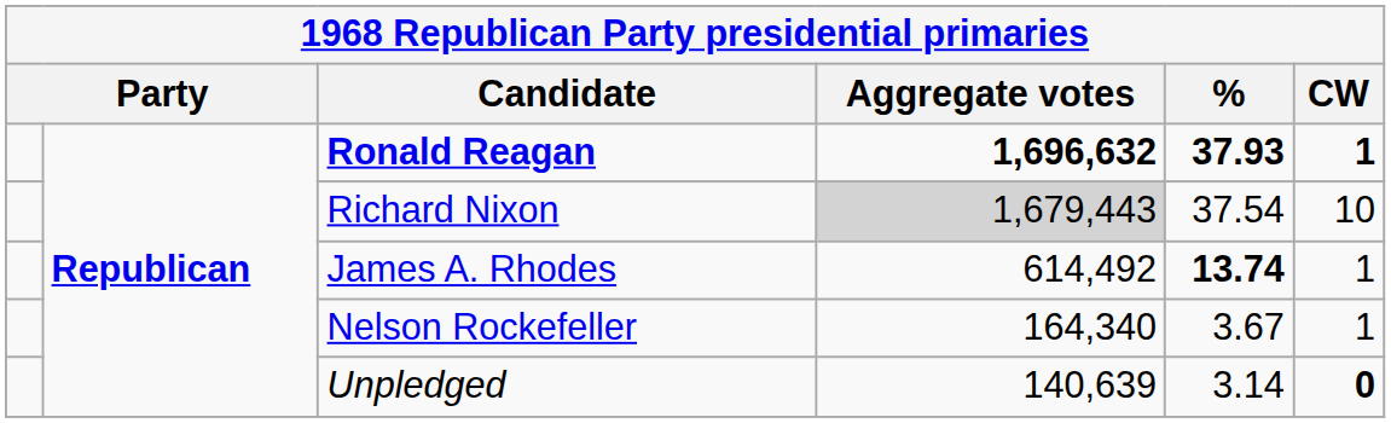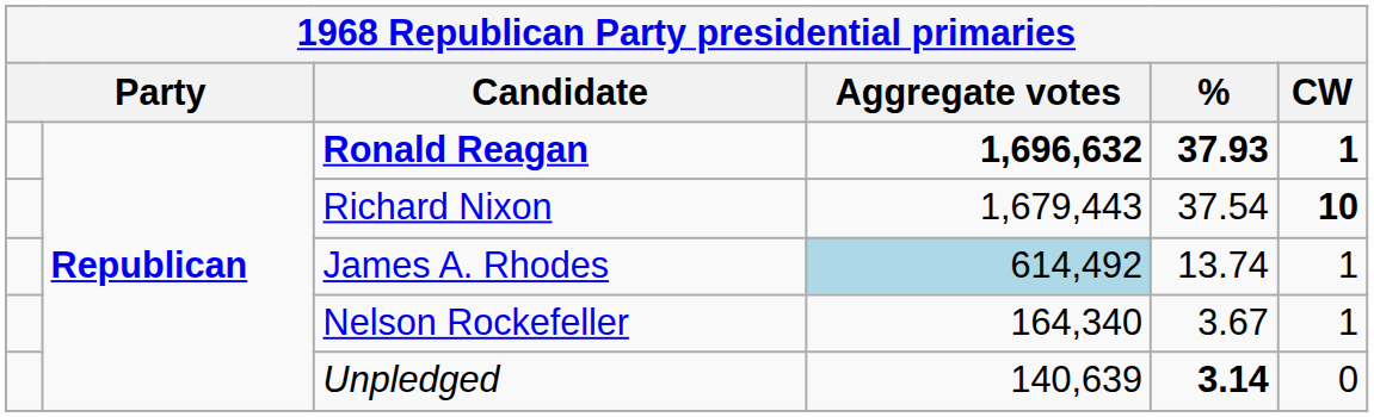 <table class="wikitable">
 <tr>
 <th colspan=6 style="background:#f5f5f5"><a href='#'>1968 Republican Party presidential primaries</a></th>
 </tr>
 <tr>
 <th style="width: 8em;" colspan=2>Party</th>
 <th>Candidate</th>
 <th>Aggregate votes</th>
 <th>%</th>
 <th><abbr>CW</abbr></th>
 </tr>
 <tr>
 <td style="background-color: "></td>
 <td style="width: 7em;" rowspan=5><strong><a href='#'>Republican</a></strong></td>
 <td style="width: 13em;"><strong><a href='#'>Ronald Reagan</a></strong></td>
 <td style="width: 9em; text-align:right"><strong>1,696,632</strong></td>
 <td style="width: 3em; text-align:right"><strong>37.93</strong></td>
 <td style="width: 2em; text-align:right"><strong>1</strong></td>
 </tr>
 <tr>
 <td style="background-color: "></td>
 <td><a href='#'>Richard Nixon</a></td>
-<td style="background: lightgrey; text-align:right">1,679,443</td>
+<td style="text-align:right">1,679,443</td>
 <td style="text-align:right">37.54</td>
-<td style="text-align:right">10</td>
+<td style="text-align:right"><strong>10</strong></td>
 </tr>
 <tr>
 <td style="background-color: "></td>
 <td><a href='#'>James A. Rhodes</a></td>
-<td style="text-align:right">614,492</td>
-<td style="text-align:right"><strong>13.74</strong></td>
+<td style="background: lightblue; text-align:right">614,492</td>
+<td style="text-align:right">13.74</td>
 <td style="text-align:right">1</td>
 </tr>
 <tr>
 <td style="background-color: "></td>
 <td><a href='#'>Nelson Rockefeller</a></td>
 <td style="text-align:right">164,340</td>
 <td style="text-align:right">3.67</td>
 <td style="text-align:right">1</td>
 </tr>
 <tr>
 <td style="background-color: "></td>
 <td><em>Unpledged</em></td>
 <td style="text-align:right">140,639</td>
-<td style="text-align:right">3.14</td>
-<td style="text-align:right"><strong>0</strong></td>
+<td style="text-align:right"><strong>3.14</strong></td>
+<td style="text-align:right">0</td>
 </tr>
 </table>
